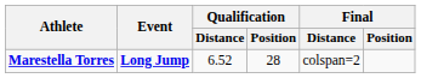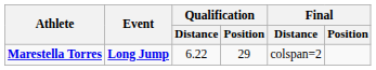 <table class=wikitable style=font-size:90%>
 <tr>
 <th rowspan=2>Athlete</th>
 <th rowspan=2>Event</th>
 <th colspan=2>Qualification</th>
 <th colspan=2>Final</th>
 </tr>
 <tr style=font-size:95%>
 <th>Distance</th>
 <th>Position</th>
 <th>Distance</th>
 <th>Position</th>
 </tr>
 <tr align=center>
 <td align=left><strong><a href='#'>Marestella Torres</a></strong></td>
 <td align=left><strong><a href='#'>Long Jump</a></strong></td>
-<td>6.52</td>
-<td>28</td>
+<td>6.22</td>
+<td>29</td>
 <td>colspan=2 </td>
 </tr>
 </table>
